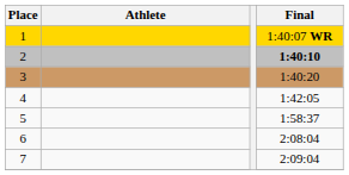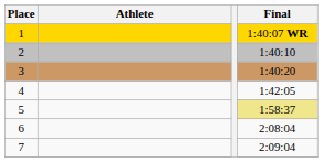 <table class="wikitable" style="text-align:center">
 <tr>
 <th>Place</th>
 <th width=250>Athlete</th>
 <th rowspan=31></th>
 <th width=100>Final</th>
 </tr>
 <tr bgcolor=gold>
 <td>1</td>
 <td align=left></td>
 <td>1:40:07 <strong>WR</strong></td>
 </tr>
 <tr bgcolor=silver>
 <td>2</td>
 <td align=left></td>
-<td><strong>1:40:10</strong></td>
+<td>1:40:10</td>
 </tr>
 <tr bgcolor=cc9966>
 <td>3</td>
 <td align=left></td>
 <td>1:40:20</td>
 </tr>
 <tr>
 <td>4</td>
 <td align=left></td>
 <td>1:42:05</td>
 </tr>
 <tr>
 <td>5</td>
 <td align=left></td>
-<td>1:58:37</td>
+<td style="background: khaki;">1:58:37</td>
 </tr>
 <tr>
 <td>6</td>
 <td align=left></td>
 <td>2:08:04</td>
 </tr>
 <tr>
 <td>7</td>
 <td align=left></td>
 <td>2:09:04</td>
 </tr>
 <tr>
 </tr>
 </table>
